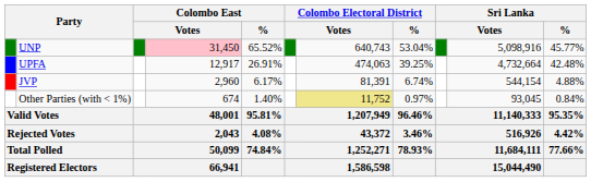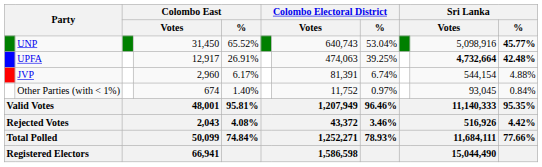 <table class="wikitable">
 <tr>
 <th colspan="2" width="144px"rowspan="2">Party</th>
 <th colspan="3" width="216px">Colombo East</th>
 <th colspan="3" width="216px"><a href='#'>Colombo Electoral District</a></th>
 <th colspan="3" width="216px">Sri Lanka</th>
 </tr>
 <tr>
 <th colspan="2" width="144px">Votes</th>
 <th>%</th>
 <th colspan="2" width="144px">Votes</th>
 <th>%</th>
 <th colspan="2" width="144px">Votes</th>
 <th>%</th>
 </tr>
 <tr>
 <td style="background-color:green;" width="10px"></td>
 <td style="text-align:left;"><a href='#'>UNP</a></td>
 <td style="background-color:green;" width="10px"></td>
-<td style="background: pink; text-align:right;">31,450</td>
+<td style="text-align:right;">31,450</td>
 <td style="text-align:right;">65.52%</td>
 <td style="background-color:green;" width="10px"></td>
 <td style="text-align:right;">640,743</td>
 <td style="text-align:right;">53.04%</td>
 <td style="background-color:green;" width="10px"></td>
 <td style="text-align:right;">5,098,916</td>
-<td style="text-align:right;">45.77%</td>
+<td style="text-align:right;"><strong>45.77%</strong></td>
 </tr>
 <tr>
 <td style="background-color:blue;" width="10px"></td>
 <td style="text-align:left;"><a href='#'>UPFA</a></td>
 <td style="background-color:white;" width="10px"></td>
 <td style="text-align:right;">12,917</td>
 <td style="text-align:right;">26.91%</td>
 <td style="background-color:white;" width="10px"></td>
 <td style="text-align:right;">474,063</td>
 <td style="text-align:right;">39.25%</td>
 <td style="background-color:white;" width="10px"></td>
-<td style="text-align:right;">4,732,664</td>
-<td style="text-align:right;">42.48%</td>
+<td style="text-align:right;"><strong>4,732,664</strong></td>
+<td style="text-align:right;"><strong>42.48%</strong></td>
 </tr>
 <tr>
 <td style="background-color:red;" width="10px"></td>
 <td style="text-align:left;"><a href='#'>JVP</a></td>
 <td style="background-color:white;" width="10px"></td>
 <td style="text-align:right;">2,960</td>
 <td style="text-align:right;">6.17%</td>
 <td style="background-color:white;" width="10px"></td>
 <td style="text-align:right;">81,391</td>
 <td style="text-align:right;">6.74%</td>
 <td style="background-color:white;" width="10px"></td>
 <td style="text-align:right;">544,154</td>
 <td style="text-align:right;">4.88%</td>
 </tr>
 <tr>
 <td style="background-color:white;" width="10px"></td>
 <td style="text-align:left;">Other Parties (with < 1%)</td>
 <td style="background-color:white;" width="10px"></td>
 <td style="text-align:right;">674</td>
 <td style="text-align:right;">1.40%</td>
 <td style="background-color:white;" width="10px"></td>
-<td style="background: khaki; text-align:right;">11,752</td>
+<td style="text-align:right;">11,752</td>
 <td style="text-align:right;">0.97%</td>
 <td style="background-color:white;" width="10px"></td>
 <td style="text-align:right;">93,045</td>
 <td style="text-align:right;">0.84%</td>
 </tr>
 <tr>
 <th colspan="2" width="144px"style="text-align:left;">Valid Votes</th>
 <th style="text-align:right;"colspan="2" width="144px">48,001</th>
 <th style="text-align:right;">95.81%</th>
 <th style="text-align:right;"colspan="2" width="144px">1,207,949</th>
 <th style="text-align:right;">96.46%</th>
 <th style="text-align:right;"colspan="2" width="144px">11,140,333</th>
 <th style="text-align:right;">95.35%</th>
 </tr>
 <tr>
 <th colspan="2" width="144px"style="text-align:left;">Rejected Votes</th>
 <th style="text-align:right;"colspan="2" width="144px">2,043</th>
 <th style="text-align:right;">4.08%</th>
 <th style="text-align:right;"colspan="2" width="144px">43,372</th>
 <th style="text-align:right;">3.46%</th>
 <th style="text-align:right;"colspan="2" width="144px">516,926</th>
 <th style="text-align:right;">4.42%</th>
 </tr>
 <tr>
 <th colspan="2" width="144px"style="text-align:left;">Total Polled</th>
 <th style="text-align:right;"colspan="2" width="144px">50,099</th>
 <th style="text-align:right;">74.84%</th>
 <th style="text-align:right;"colspan="2" width="144px">1,252,271</th>
 <th style="text-align:right;">78.93%</th>
 <th style="text-align:right;"colspan="2" width="144px">11,684,111</th>
 <th style="text-align:right;">77.66%</th>
 </tr>
 <tr>
 <th colspan="2" width="144px"style="text-align:left;">Registered Electors</th>
 <th style="text-align:right;"colspan="2" width="144px">66,941</th>
 <th></th>
 <th style="text-align:right;"colspan="2" width="144px">1,586,598</th>
 <th></th>
 <th style="text-align:right;"colspan="2" width="144px">15,044,490</th>
 <th></th>
 </tr>
 </table>
